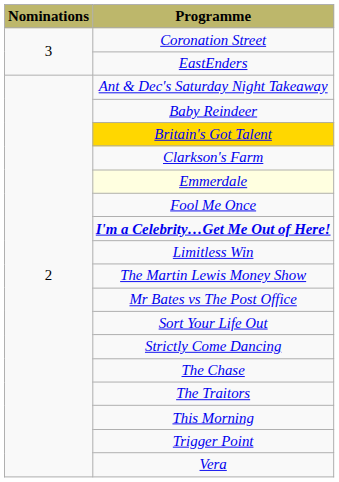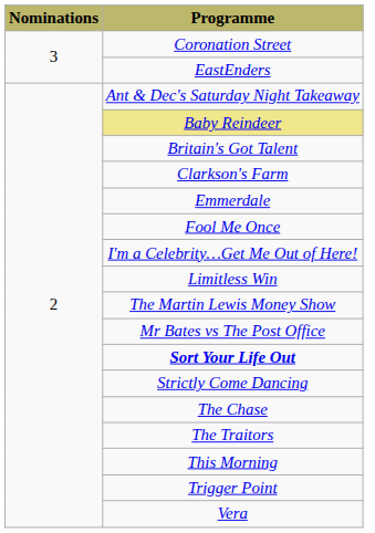 <table class="wikitable" style="text-align:center;">
 <tr>
 <th style="background:#BDB76B;">Nominations</th>
 <th style="background:#BDB76B;">Programme</th>
 </tr>
 <tr>
 <td rowspan="2">3</td>
 <td><em><a href='#'>Coronation Street</a></em></td>
 </tr>
 <tr>
 <td><em><a href='#'>EastEnders</a></em></td>
 </tr>
 <tr>
 <td rowspan="17">2</td>
 <td><em><a href='#'>Ant & Dec's Saturday Night Takeaway</a></em></td>
 </tr>
 <tr>
-<td><em><a href='#'>Baby Reindeer</a></em></td>
+<td style="background: khaki;"><em><a href='#'>Baby Reindeer</a></em></td>
 </tr>
 <tr>
-<td style="background: gold;"><em><a href='#'>Britain's Got Talent</a></em></td>
+<td><em><a href='#'>Britain's Got Talent</a></em></td>
 </tr>
 <tr>
 <td><em><a href='#'>Clarkson's Farm</a></em></td>
 </tr>
 <tr>
-<td style="background: lightyellow;"><em><a href='#'>Emmerdale</a></em></td>
+<td><em><a href='#'>Emmerdale</a></em></td>
 </tr>
 <tr>
 <td><em><a href='#'>Fool Me Once</a></em></td>
 </tr>
 <tr>
-<td><strong><em><a href='#'>I'm a Celebrity…Get Me Out of Here!</a></em></strong></td>
+<td><em><a href='#'>I'm a Celebrity…Get Me Out of Here!</a></em></td>
 </tr>
 <tr>
 <td><em><a href='#'>Limitless Win</a></em></td>
 </tr>
 <tr>
 <td><em><a href='#'>The Martin Lewis Money Show</a></em></td>
 </tr>
 <tr>
 <td><em><a href='#'>Mr Bates vs The Post Office</a></em></td>
 </tr>
 <tr>
-<td><em><a href='#'>Sort Your Life Out</a></em></td>
+<td><strong><em><a href='#'>Sort Your Life Out</a></em></strong></td>
 </tr>
 <tr>
 <td><em><a href='#'>Strictly Come Dancing</a></em></td>
 </tr>
 <tr>
 <td><em><a href='#'>The Chase</a></em></td>
 </tr>
 <tr>
 <td><em><a href='#'>The Traitors</a></em></td>
 </tr>
 <tr>
 <td><em><a href='#'>This Morning</a></em></td>
 </tr>
 <tr>
 <td><em><a href='#'>Trigger Point</a></em></td>
 </tr>
 <tr>
 <td><em><a href='#'>Vera</a></em></td>
 </tr>
 </table>
